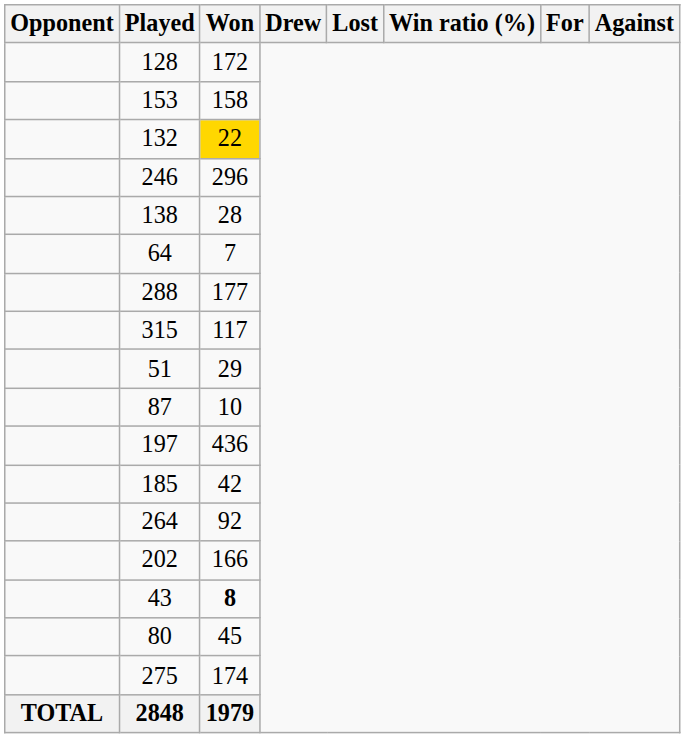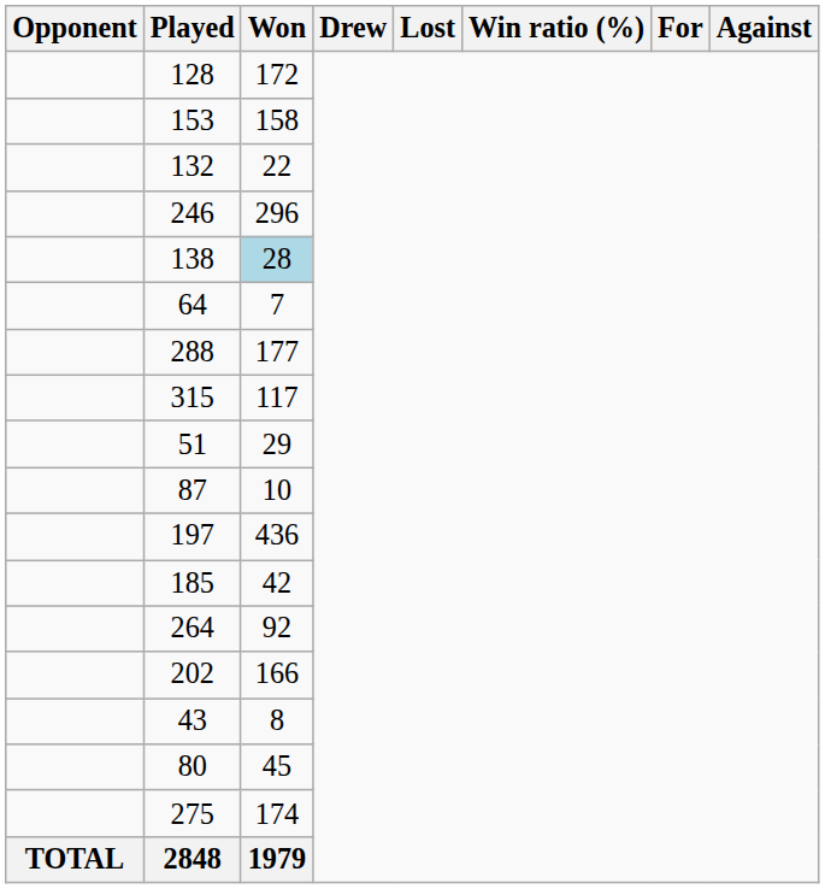 <table class="wikitable sortable">
 <tr>
 <th>Opponent</th>
 <th>Played</th>
 <th>Won</th>
 <th>Drew</th>
 <th>Lost</th>
 <th>Win ratio (%)</th>
 <th>For</th>
 <th>Against</th>
 </tr>
 <tr align=center>
 <td align=left><br></td>
 <td>128</td>
 <td>172</td>
 </tr>
 <tr align=center>
 <td align=left><br></td>
 <td>153</td>
 <td>158</td>
 </tr>
 <tr align=center>
 <td align=left><br></td>
 <td>132</td>
-<td style="background: gold;">22</td>
+<td>22</td>
 </tr>
 <tr align=center>
 <td align=left><br></td>
 <td>246</td>
 <td>296</td>
 </tr>
 <tr align=center>
 <td align=left><br></td>
 <td>138</td>
-<td>28</td>
+<td style="background: lightblue;">28</td>
 </tr>
 <tr align=center>
 <td align=left><br></td>
 <td>64</td>
 <td>7</td>
 </tr>
 <tr align=center>
 <td align=left><br></td>
 <td>288</td>
 <td>177</td>
 </tr>
 <tr align=center>
 <td align=left><br></td>
 <td>315</td>
 <td>117</td>
 </tr>
 <tr align=center>
 <td align=left><br></td>
 <td>51</td>
 <td>29</td>
 </tr>
 <tr align=center>
 <td align=left><br></td>
 <td>87</td>
 <td>10</td>
 </tr>
 <tr align=center>
 <td align=left><br></td>
 <td>197</td>
 <td>436</td>
 </tr>
 <tr align=center>
 <td align=left><br></td>
 <td>185</td>
 <td>42</td>
 </tr>
 <tr align=center>
 <td align=left><br></td>
 <td>264</td>
 <td>92</td>
 </tr>
 <tr align=center>
 <td align=left><br></td>
 <td>202</td>
 <td>166</td>
 </tr>
 <tr align=center>
 <td align=left><br></td>
 <td>43</td>
-<td><strong>8</strong></td>
+<td>8</td>
 </tr>
 <tr align=center>
 <td align=left><br></td>
 <td>80</td>
 <td>45</td>
 </tr>
 <tr align=center>
 <td align=left><br></td>
 <td>275</td>
 <td>174</td>
 </tr>
 <tr>
 <th>TOTAL<br></th>
 <th>2848</th>
 <th>1979</th>
 </tr>
 </table>
